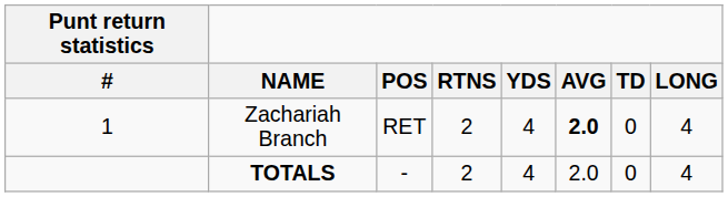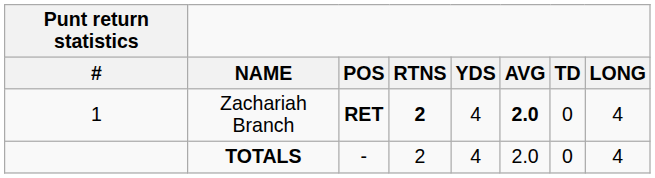 <table style="width:60%; text-align:center;" class="wikitable collapsible collapsed">
 <tr>
 <th style="text-align:center; ">Punt return statistics</th>
 </tr>
 <tr>
 <th>#</th>
 <th>NAME</th>
 <th>POS</th>
 <th>RTNS</th>
 <th>YDS</th>
 <th>AVG</th>
 <th>TD</th>
 <th>LONG</th>
 </tr>
 <tr>
 <td>1</td>
 <td>Zachariah Branch</td>
-<td>RET</td>
-<td>2</td>
+<td><strong>RET</strong></td>
+<td><strong>2</strong></td>
 <td>4</td>
 <td><strong>2.0</strong></td>
 <td>0</td>
 <td>4</td>
 </tr>
 <tr>
 <td></td>
 <td><strong>TOTALS</strong></td>
 <td>-</td>
 <td>2</td>
 <td>4</td>
 <td>2.0</td>
 <td>0</td>
 <td>4</td>
 </tr>
 </table>
